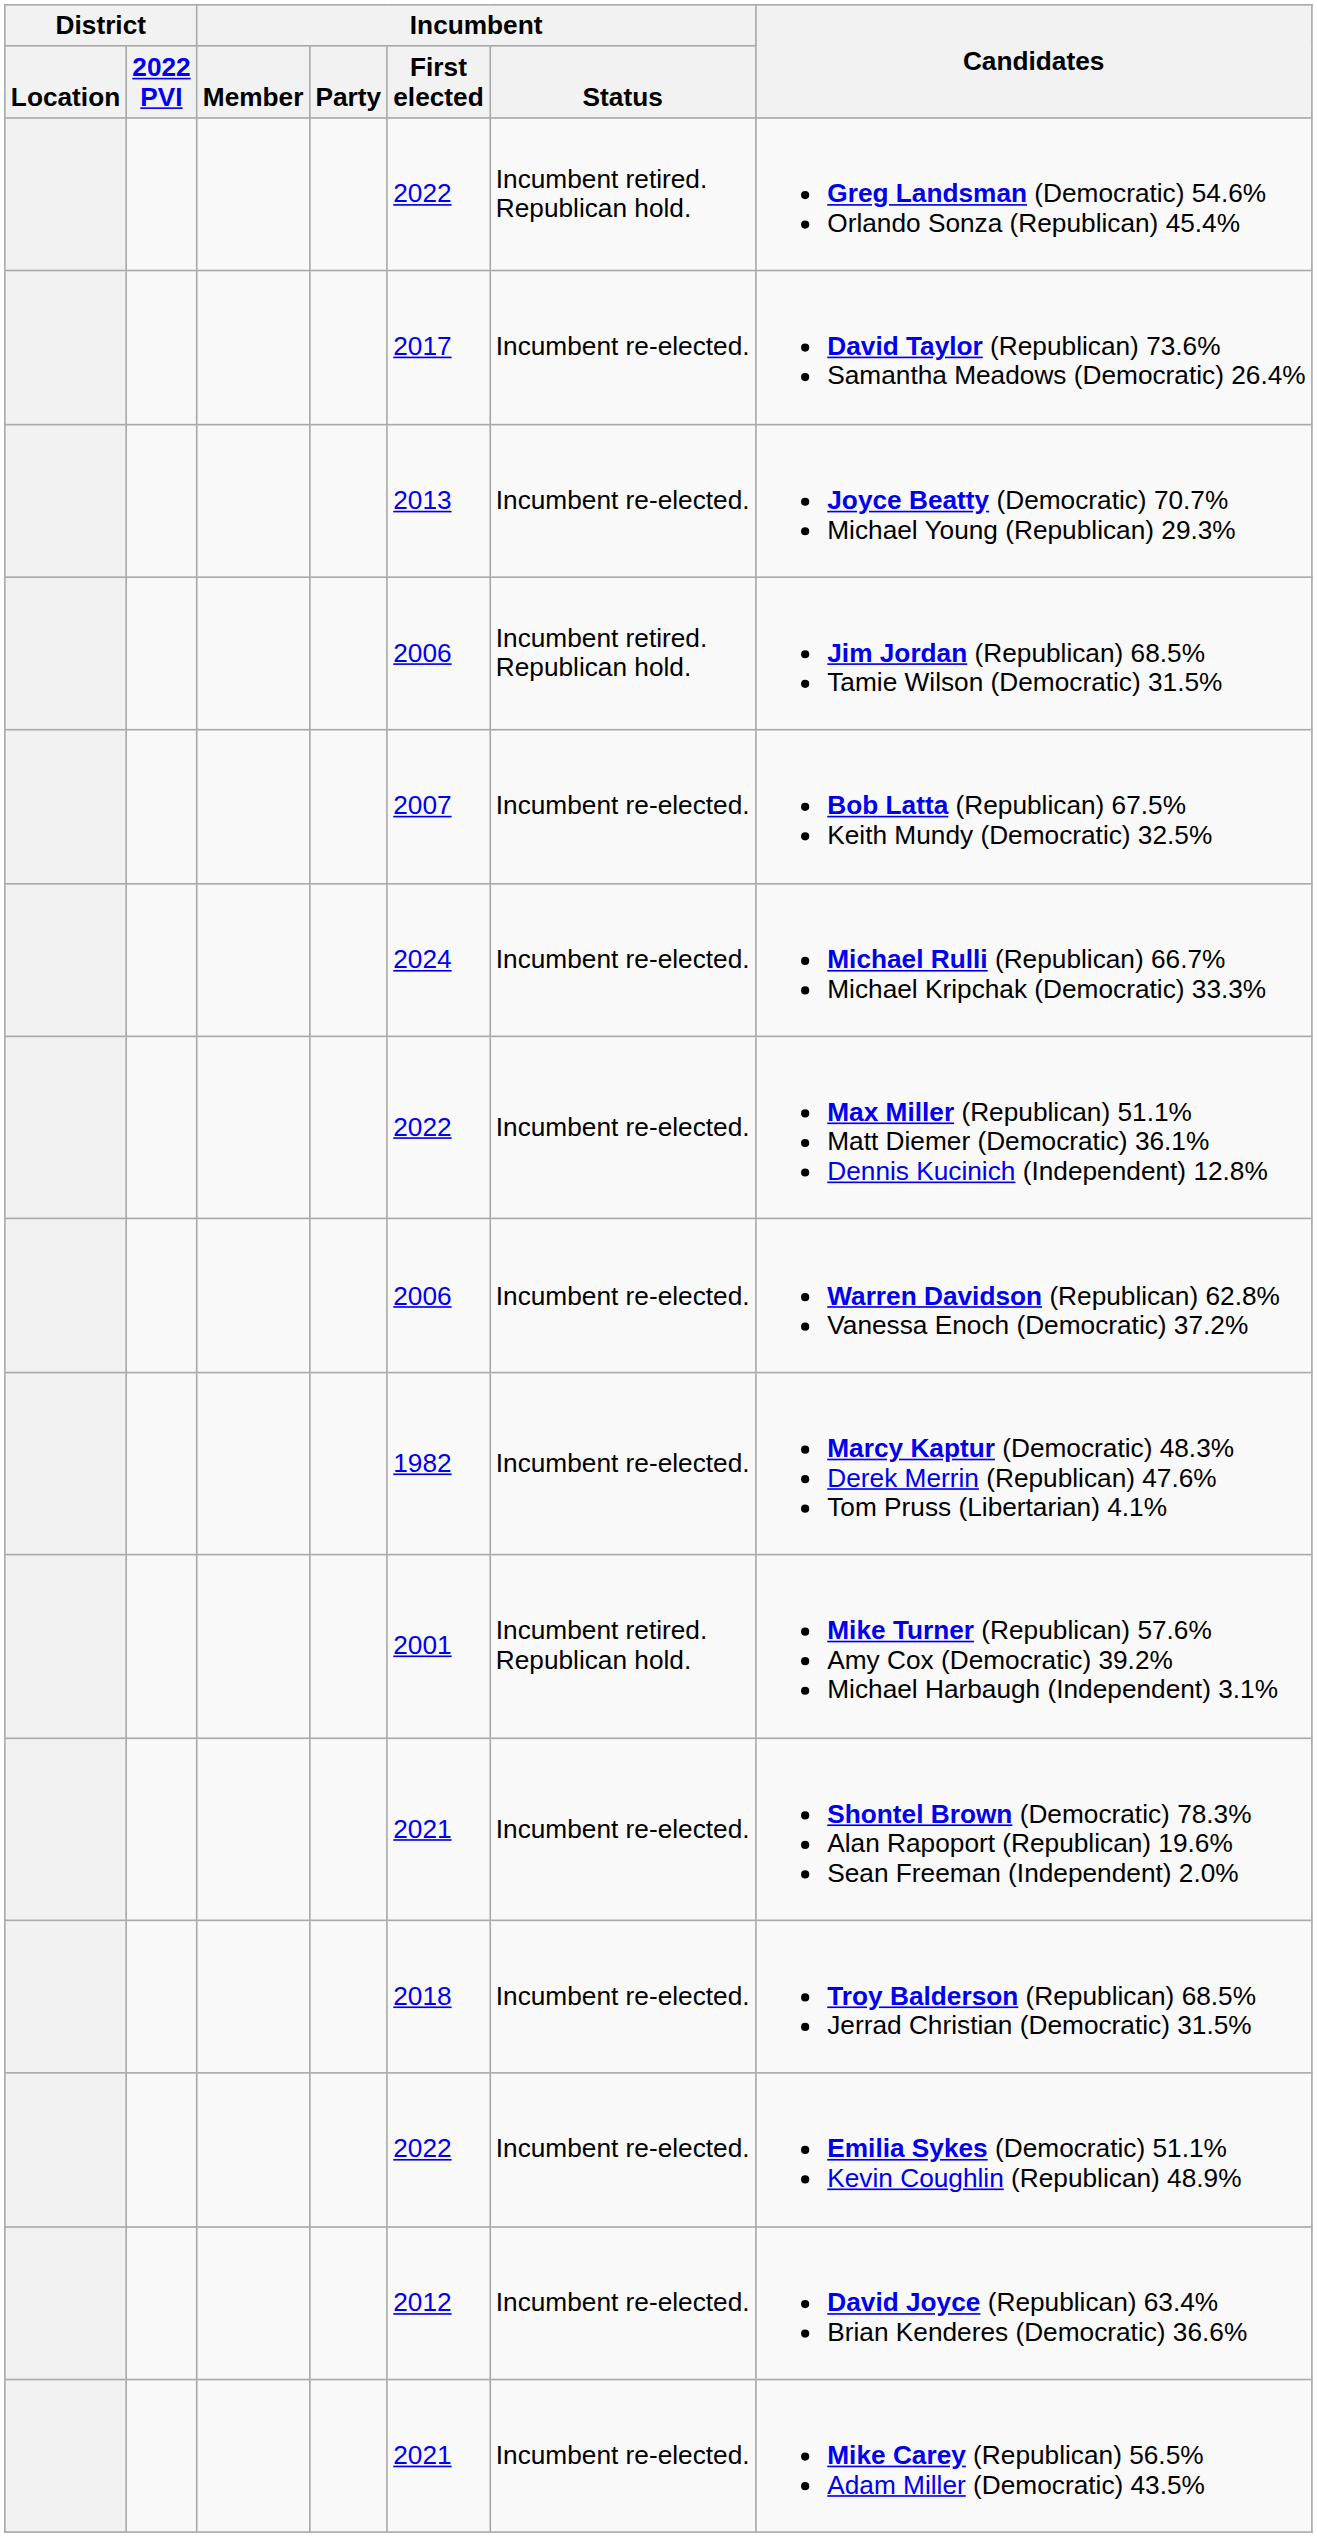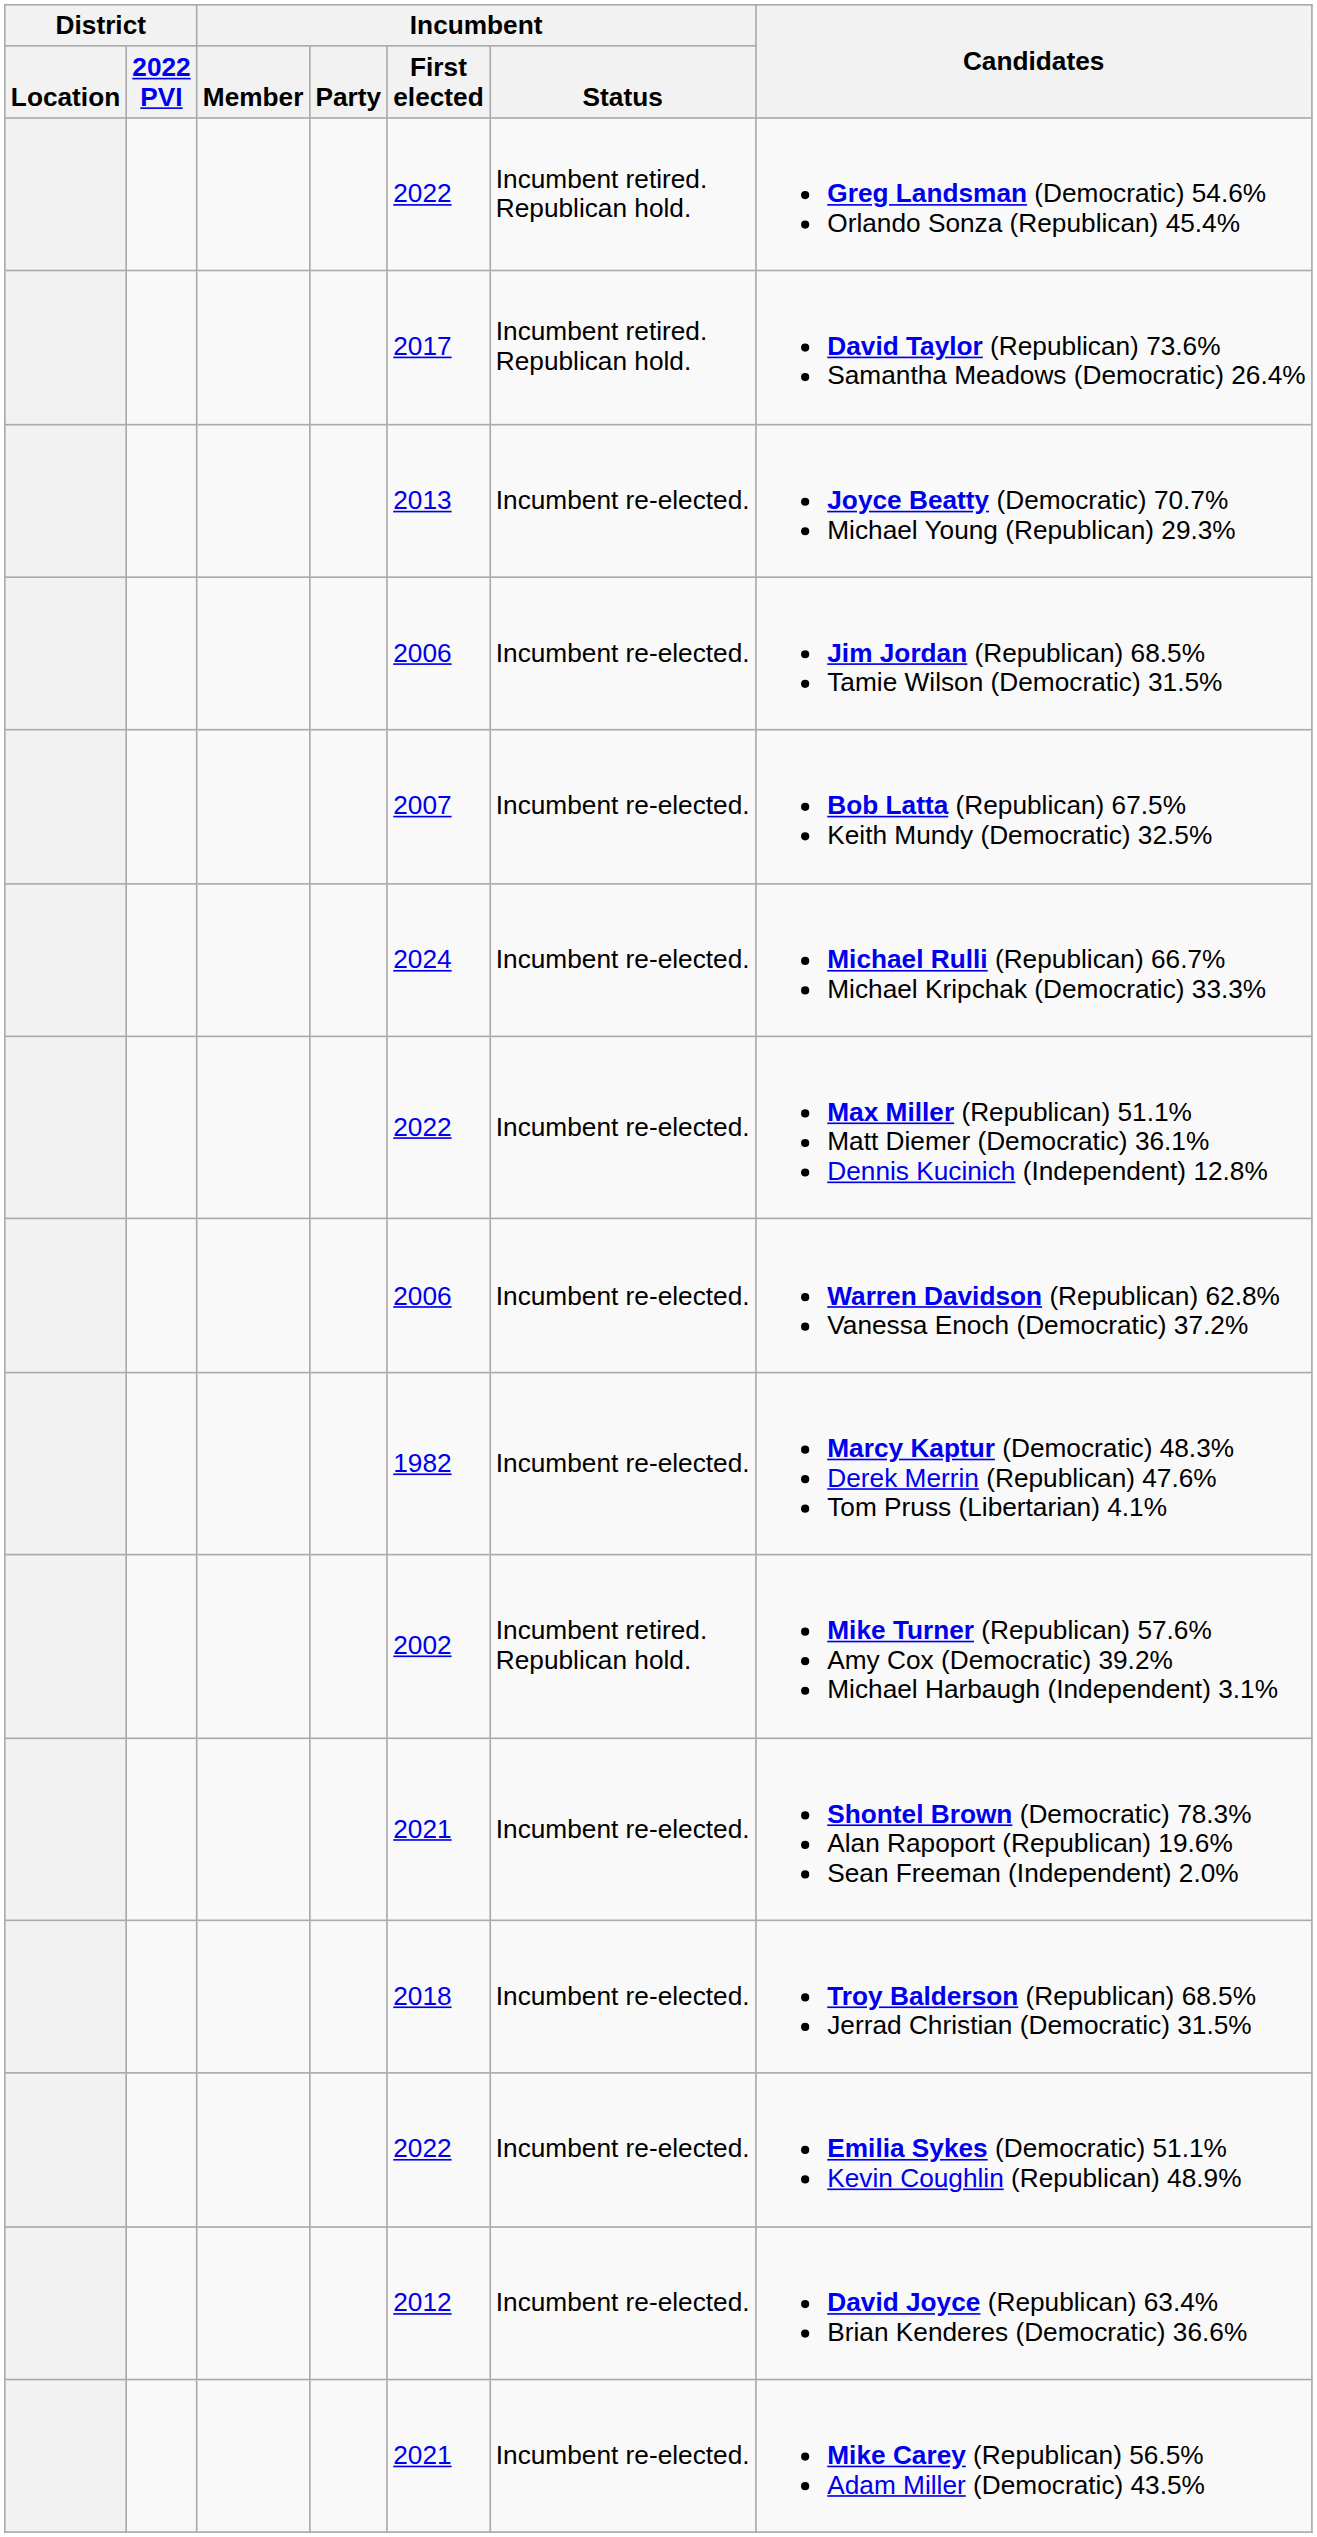 <table class="wikitable sortable">
 <tr>
 <th colspan=2>District</th>
 <th colspan=4>Incumbent</th>
 <th rowspan=2 class="unsortable">Candidates</th>
 </tr>
 <tr valign=bottom>
 <th>Location</th>
 <th><a href='#'>2022<br>PVI</a></th>
 <th>Member</th>
 <th>Party</th>
 <th>First<br>elected</th>
 <th>Status</th>
 </tr>
 <tr>
 <th></th>
 <td></td>
 <td></td>
 <td></td>
 <td><a href='#'>2022</a></td>
 <td>Incumbent retired.<br>Republican hold.</td>
 <td nowrap><br><ul><li> <strong><a href='#'>Greg Landsman</a></strong> (Democratic) 54.6%</li><li>Orlando Sonza (Republican) 45.4%</li></ul></td>
 </tr>
 <tr>
 <th></th>
 <td></td>
 <td></td>
 <td></td>
 <td><a href='#'>2017</a></td>
-<td>Incumbent re-elected.</td>
+<td>Incumbent retired.<br>Republican hold.</td>
 <td nowrap><br><ul><li> <strong><a href='#'>David Taylor</a></strong> (Republican) 73.6%</li><li>Samantha Meadows (Democratic) 26.4%</li></ul></td>
 </tr>
 <tr>
 <th></th>
 <td></td>
 <td></td>
 <td></td>
 <td><a href='#'>2013</a></td>
 <td>Incumbent re-elected.</td>
 <td nowrap><br><ul><li> <strong><a href='#'>Joyce Beatty</a></strong> (Democratic) 70.7%</li><li>Michael Young (Republican) 29.3%</li></ul></td>
 </tr>
 <tr>
 <th></th>
 <td></td>
 <td></td>
 <td></td>
 <td><a href='#'>2006</a></td>
-<td>Incumbent retired.<br>Republican hold.</td>
+<td>Incumbent re-elected.</td>
 <td nowrap><br><ul><li> <strong><a href='#'>Jim Jordan</a></strong> (Republican) 68.5%</li><li>Tamie Wilson (Democratic) 31.5%</li></ul></td>
 </tr>
 <tr>
 <th></th>
 <td></td>
 <td></td>
 <td></td>
 <td><a href='#'>2007 </a></td>
 <td>Incumbent re-elected.</td>
 <td nowrap><br><ul><li> <strong><a href='#'>Bob Latta</a></strong> (Republican) 67.5%</li><li>Keith Mundy (Democratic) 32.5%</li></ul></td>
 </tr>
 <tr>
 <th></th>
 <td></td>
 <td></td>
 <td></td>
 <td><a href='#'>2024 </a></td>
 <td>Incumbent re-elected.</td>
 <td nowrap><br><ul><li> <strong><a href='#'>Michael Rulli</a></strong> (Republican) 66.7%</li><li>Michael Kripchak (Democratic) 33.3%</li></ul></td>
 </tr>
 <tr>
 <th></th>
 <td></td>
 <td></td>
 <td></td>
 <td><a href='#'>2022</a></td>
 <td>Incumbent re-elected.</td>
 <td nowrap><br><ul><li> <strong><a href='#'>Max Miller</a></strong> (Republican) 51.1%</li><li>Matt Diemer (Democratic) 36.1%</li><li><a href='#'>Dennis Kucinich</a> (Independent) 12.8%</li></ul></td>
 </tr>
 <tr>
 <th></th>
 <td></td>
 <td></td>
 <td></td>
 <td><a href='#'>2006 </a></td>
 <td>Incumbent re-elected.</td>
 <td nowrap><br><ul><li> <strong><a href='#'>Warren Davidson</a></strong> (Republican) 62.8%</li><li>Vanessa Enoch (Democratic) 37.2%</li></ul></td>
 </tr>
 <tr>
 <th></th>
 <td></td>
 <td></td>
 <td></td>
 <td><a href='#'>1982</a></td>
 <td>Incumbent re-elected.</td>
 <td nowrap><br><ul><li> <strong><a href='#'>Marcy Kaptur</a></strong> (Democratic) 48.3%</li><li><a href='#'>Derek Merrin</a> (Republican) 47.6%</li><li>Tom Pruss (Libertarian) 4.1%</li></ul></td>
 </tr>
 <tr>
 <th></th>
 <td></td>
 <td></td>
 <td></td>
-<td><a href='#'>2001</a></td>
+<td><a href='#'>2002</a></td>
 <td>Incumbent retired.<br>Republican hold.</td>
 <td nowrap><br><ul><li> <strong><a href='#'>Mike Turner</a></strong> (Republican) 57.6%</li><li>Amy Cox (Democratic) 39.2%</li><li>Michael Harbaugh (Independent) 3.1%</li></ul></td>
 </tr>
 <tr>
 <th></th>
 <td></td>
 <td></td>
 <td></td>
 <td><a href='#'>2021 </a></td>
 <td>Incumbent re-elected.</td>
 <td nowrap><br><ul><li> <strong><a href='#'>Shontel Brown</a></strong> (Democratic) 78.3%</li><li>Alan Rapoport (Republican) 19.6%</li><li>Sean Freeman (Independent) 2.0%</li></ul></td>
 </tr>
 <tr>
 <th></th>
 <td></td>
 <td></td>
 <td></td>
 <td><a href='#'>2018 </a></td>
 <td>Incumbent re-elected.</td>
 <td nowrap><br><ul><li> <strong><a href='#'>Troy Balderson</a></strong> (Republican) 68.5%</li><li>Jerrad Christian (Democratic) 31.5%</li></ul></td>
 </tr>
 <tr>
 <th></th>
 <td></td>
 <td></td>
 <td></td>
 <td><a href='#'>2022</a></td>
 <td>Incumbent re-elected.</td>
 <td nowrap><br><ul><li> <strong><a href='#'>Emilia Sykes</a></strong> (Democratic) 51.1%</li><li><a href='#'>Kevin Coughlin</a> (Republican) 48.9%</li></ul></td>
 </tr>
 <tr>
 <th></th>
 <td></td>
 <td></td>
 <td></td>
 <td><a href='#'>2012</a></td>
 <td>Incumbent re-elected.</td>
 <td nowrap><br><ul><li> <strong><a href='#'>David Joyce</a></strong> (Republican) 63.4%</li><li>Brian Kenderes (Democratic) 36.6%</li></ul></td>
 </tr>
 <tr>
 <th></th>
 <td></td>
 <td></td>
 <td></td>
 <td><a href='#'>2021 </a></td>
 <td>Incumbent re-elected.</td>
 <td nowrap><br><ul><li> <strong><a href='#'>Mike Carey</a></strong> (Republican) 56.5%</li><li><a href='#'>Adam Miller</a> (Democratic) 43.5%</li></ul></td>
 </tr>
 </table>
